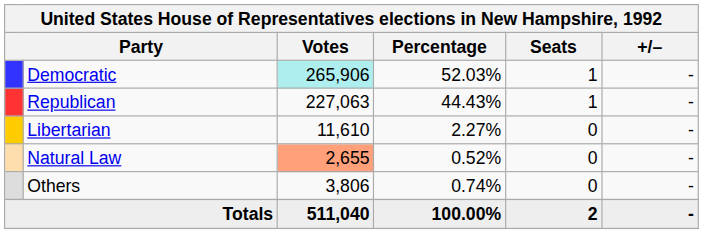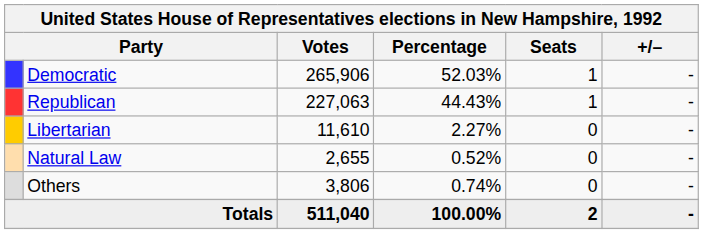 <table class="wikitable" style="font-size: 95%;">
 <tr>
 <th colspan="6">United States House of Representatives elections in New Hampshire, 1992</th>
 </tr>
 <tr>
 <th colspan=2 style="width: 15em">Party</th>
 <th style="width: 5em">Votes</th>
 <th style="width: 7em">Percentage</th>
 <th style="width: 5em">Seats</th>
 <th style="width: 5em">+/–</th>
 </tr>
 <tr>
 <th style="background-color:#3333FF; width: 3px"></th>
 <td style="width: 130px"><a href='#'>Democratic</a></td>
-<td align="right" style="background: paleturquoise;">265,906</td>
+<td align="right">265,906</td>
 <td align="right">52.03%</td>
 <td align="right">1</td>
 <td align="right">-</td>
 </tr>
 <tr>
 <th style="background-color:#FF3333; width: 3px"></th>
 <td style="width: 130px"><a href='#'>Republican</a></td>
 <td align="right">227,063</td>
 <td align="right">44.43%</td>
 <td align="right">1</td>
 <td align="right">-</td>
 </tr>
 <tr>
 <th style="background-color:#FFCC00; width: 3px"></th>
 <td style="width: 130px"><a href='#'>Libertarian</a></td>
 <td align="right">11,610</td>
 <td align="right">2.27%</td>
 <td align="right">0</td>
 <td align="right">-</td>
 </tr>
 <tr>
 <th style="background-color:#FFDEAD; width: 3px"></th>
 <td style="width: 130px"><a href='#'>Natural Law</a></td>
-<td align="right" style="background: lightsalmon;">2,655</td>
+<td align="right">2,655</td>
 <td align="right">0.52%</td>
 <td align="right">0</td>
 <td align="right">-</td>
 </tr>
 <tr>
 <th style="background-color:#DDDDDD; width: 3px"></th>
 <td style="width: 130px">Others</td>
 <td align="right">3,806</td>
 <td align="right">0.74%</td>
 <td align="right">0</td>
 <td align="right">-</td>
 </tr>
 <tr>
 </tr>
 <tr bgcolor="#EEEEEE">
 <td colspan="2" align="right"><strong>Totals</strong></td>
 <td align="right"><strong>511,040</strong></td>
 <td align="right"><strong>100.00%</strong></td>
 <td align="right"><strong>2</strong></td>
 <td align="right"><strong>-</strong></td>
 </tr>
 <tr bgcolor="#EEEEEE">
 </tr>
 </table>
